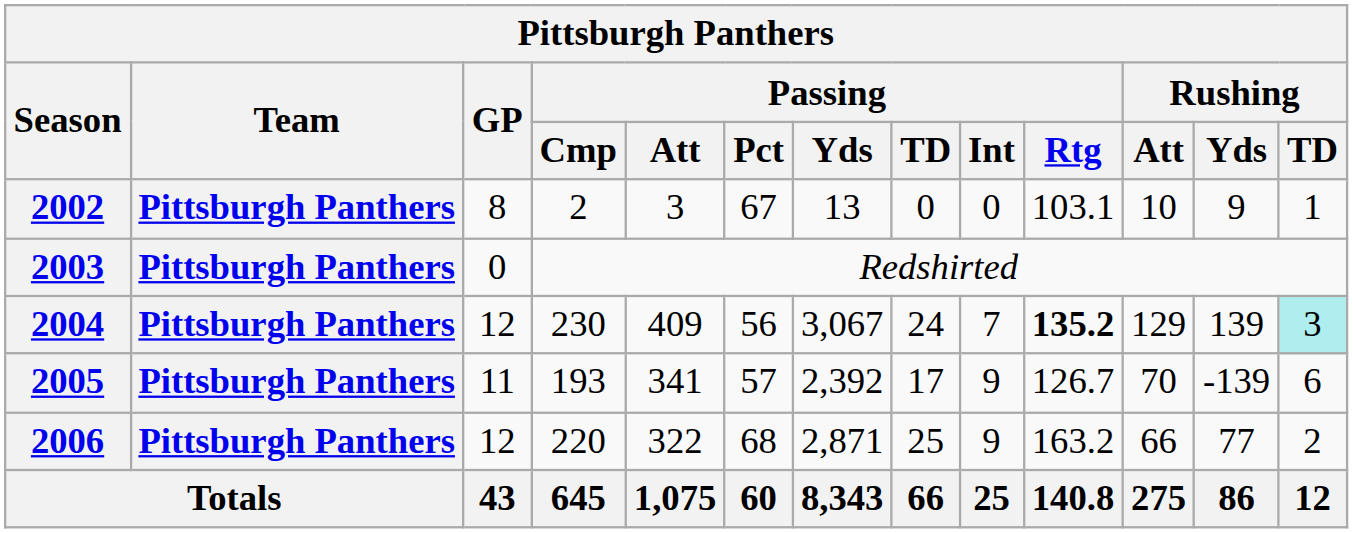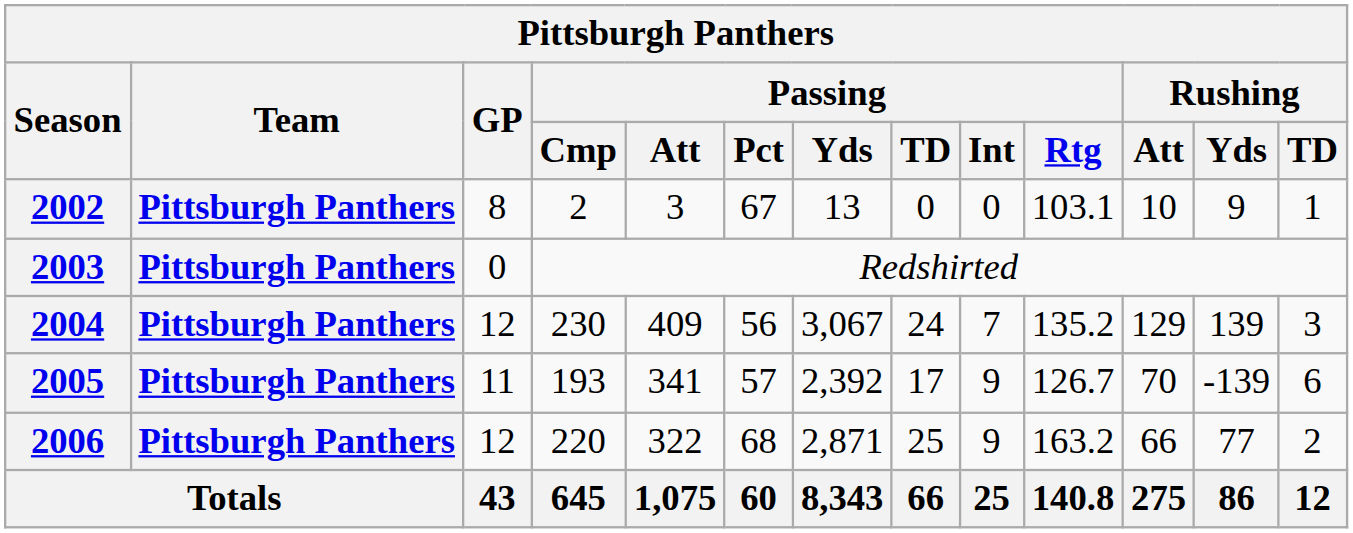 <table class="wikitable" style="text-align:center;">
 <tr>
 <th colspan="16">Pittsburgh Panthers</th>
 </tr>
 <tr>
 <th rowspan="2">Season</th>
 <th rowspan="2">Team</th>
 <th rowspan="2">GP</th>
 <th colspan="7">Passing</th>
 <th colspan="3">Rushing</th>
 </tr>
 <tr>
 <th>Cmp</th>
 <th>Att</th>
 <th>Pct</th>
 <th>Yds</th>
 <th>TD</th>
 <th>Int</th>
 <th><a href='#'>Rtg</a></th>
 <th>Att</th>
 <th>Yds</th>
 <th>TD</th>
 </tr>
 <tr>
 <th><a href='#'>2002</a></th>
 <th><a href='#'>Pittsburgh Panthers</a></th>
 <td>8</td>
 <td>2</td>
 <td>3</td>
 <td>67</td>
 <td>13</td>
 <td>0</td>
 <td>0</td>
 <td>103.1</td>
 <td>10</td>
 <td>9</td>
 <td>1</td>
 </tr>
 <tr>
 <th><a href='#'>2003</a></th>
 <th><a href='#'>Pittsburgh Panthers</a></th>
 <td>0</td>
 <td colspan="10"><em>Redshirted</em></td>
 </tr>
 <tr>
 <th><a href='#'>2004</a></th>
 <th><a href='#'>Pittsburgh Panthers</a></th>
 <td>12</td>
 <td>230</td>
 <td>409</td>
 <td>56</td>
 <td>3,067</td>
 <td>24</td>
 <td>7</td>
-<td><strong>135.2</strong></td>
+<td>135.2</td>
 <td>129</td>
 <td>139</td>
-<td style="background: paleturquoise;">3</td>
+<td>3</td>
 </tr>
 <tr>
 <th><a href='#'>2005</a></th>
 <th><a href='#'>Pittsburgh Panthers</a></th>
 <td>11</td>
 <td>193</td>
 <td>341</td>
 <td>57</td>
 <td>2,392</td>
 <td>17</td>
 <td>9</td>
 <td>126.7</td>
 <td>70</td>
 <td>-139</td>
 <td>6</td>
 </tr>
 <tr>
 <th><a href='#'>2006</a></th>
 <th><a href='#'>Pittsburgh Panthers</a></th>
 <td>12</td>
 <td>220</td>
 <td>322</td>
 <td>68</td>
 <td>2,871</td>
 <td>25</td>
 <td>9</td>
 <td>163.2</td>
 <td>66</td>
 <td>77</td>
 <td>2</td>
 </tr>
 <tr>
 <th colspan="2">Totals</th>
 <th>43</th>
 <th>645</th>
 <th>1,075</th>
 <th>60</th>
 <th>8,343</th>
 <th>66</th>
 <th>25</th>
 <th>140.8</th>
 <th>275</th>
 <th>86</th>
 <th>12</th>
 </tr>
 </table>
